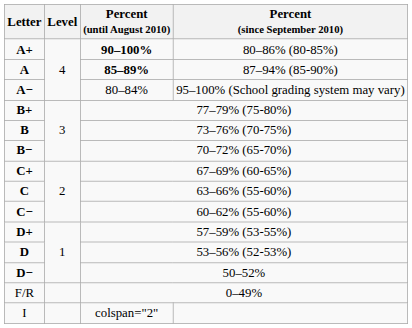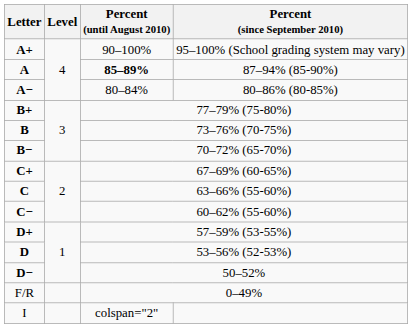 <table class="wikitable" style="text-align:center;">
 <tr>
 <th>Letter</th>
 <th>Level</th>
 <th>Percent<br><small>(until August 2010)</small></th>
 <th>Percent<br><small>(since September 2010)</small></th>
 </tr>
 <tr>
 <td><strong>A+</strong></td>
 <td rowspan="3">4</td>
-<td><strong>90–100%</strong></td>
-<td>80–86% (80-85%)</td>
+<td>90–100%</td>
+<td>95–100% (School grading system may vary)</td>
 </tr>
 <tr>
 <td><strong>A</strong></td>
 <td><strong>85–89%</strong></td>
 <td>87–94% (85-90%)</td>
 </tr>
 <tr>
 <td><strong>A−</strong></td>
 <td>80–84%</td>
-<td>95–100% (School grading system may vary)</td>
+<td>80–86% (80-85%)</td>
 </tr>
 <tr>
 <td><strong>B+</strong></td>
 <td rowspan="3">3</td>
 <td colspan="2">77–79% (75-80%)</td>
 </tr>
 <tr>
 <td><strong>B</strong></td>
 <td colspan="2">73–76% (70-75%)</td>
 </tr>
 <tr>
 <td><strong>B−</strong></td>
 <td colspan="2">70–72% (65-70%)</td>
 </tr>
 <tr>
 <td><strong>C+</strong></td>
 <td rowspan="3">2</td>
 <td colspan="2">67–69% (60-65%)</td>
 </tr>
 <tr>
 <td><strong>C</strong></td>
 <td colspan="2">63–66% (55-60%)</td>
 </tr>
 <tr>
 <td><strong>C−</strong></td>
 <td colspan="2">60–62% (55-60%)</td>
 </tr>
 <tr>
 <td><strong>D+</strong></td>
 <td rowspan="3">1</td>
 <td colspan="2">57–59% (53-55%)</td>
 </tr>
 <tr>
 <td><strong>D</strong></td>
 <td colspan="2">53–56% (52-53%)</td>
 </tr>
 <tr>
 <td><strong>D−</strong></td>
 <td colspan="2">50–52%</td>
 </tr>
 <tr>
 <td>F/R</td>
 <td></td>
 <td colspan="2">0–49%</td>
 </tr>
 <tr>
 <td>I</td>
 <td></td>
 <td>colspan="2" </td>
 </tr>
 </table>
